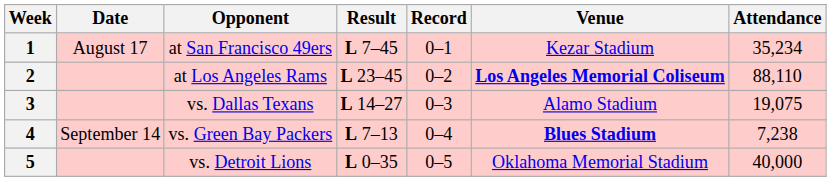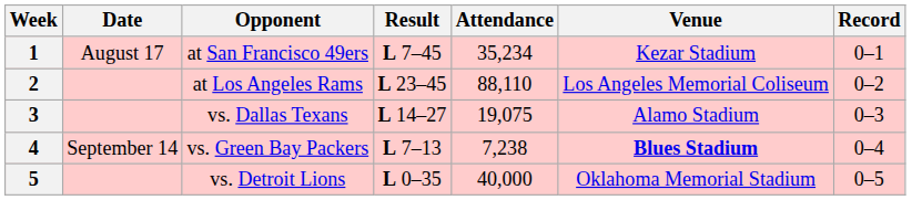 <table class="wikitable" style="text-align:center">
 <tr>
 <th>Week</th>
 <th>Date</th>
 <th>Opponent</th>
 <th>Result</th>
+<th>Attendance</th>
+<th>Venue</th>
 <th>Record</th>
-<th>Venue</th>
-<th>Attendance</th>
 </tr>
 <tr style="background:#fcc">
 <th>1</th>
 <td>August 17</td>
 <td>at <a href='#'>San Francisco 49ers</a></td>
 <td><strong>L</strong> 7–45</td>
+<td>35,234</td>
+<td><a href='#'>Kezar Stadium</a></td>
 <td>0–1</td>
-<td><a href='#'>Kezar Stadium</a></td>
-<td>35,234</td>
 </tr>
 <tr style="background:#fcc">
 <th>2</th>
 <td></td>
 <td>at <a href='#'>Los Angeles Rams</a></td>
 <td><strong>L</strong> 23–45</td>
+<td>88,110</td>
+<td><a href='#'>Los Angeles Memorial Coliseum</a></td>
 <td>0–2</td>
-<td><strong><a href='#'>Los Angeles Memorial Coliseum</a></strong></td>
-<td>88,110</td>
 </tr>
 <tr style="background:#fcc">
 <th>3</th>
 <td></td>
 <td>vs. <a href='#'>Dallas Texans</a></td>
 <td><strong>L</strong> 14–27</td>
+<td>19,075</td>
+<td><a href='#'>Alamo Stadium</a> </td>
 <td>0–3</td>
-<td><a href='#'>Alamo Stadium</a> </td>
-<td>19,075</td>
 </tr>
 <tr style="background:#fcc">
 <th>4</th>
 <td>September 14</td>
 <td>vs. <a href='#'>Green Bay Packers</a></td>
 <td><strong>L</strong> 7–13</td>
+<td>7,238</td>
+<td><strong><a href='#'>Blues Stadium</a> </strong></td>
 <td>0–4</td>
-<td><strong><a href='#'>Blues Stadium</a> </strong></td>
-<td>7,238</td>
 </tr>
 <tr style="background:#fcc">
 <th>5</th>
 <td></td>
 <td>vs. <a href='#'>Detroit Lions</a></td>
 <td><strong>L</strong> 0–35</td>
+<td>40,000</td>
+<td><a href='#'>Oklahoma Memorial Stadium</a> </td>
 <td>0–5</td>
-<td><a href='#'>Oklahoma Memorial Stadium</a> </td>
-<td>40,000</td>
 </tr>
 </table>
